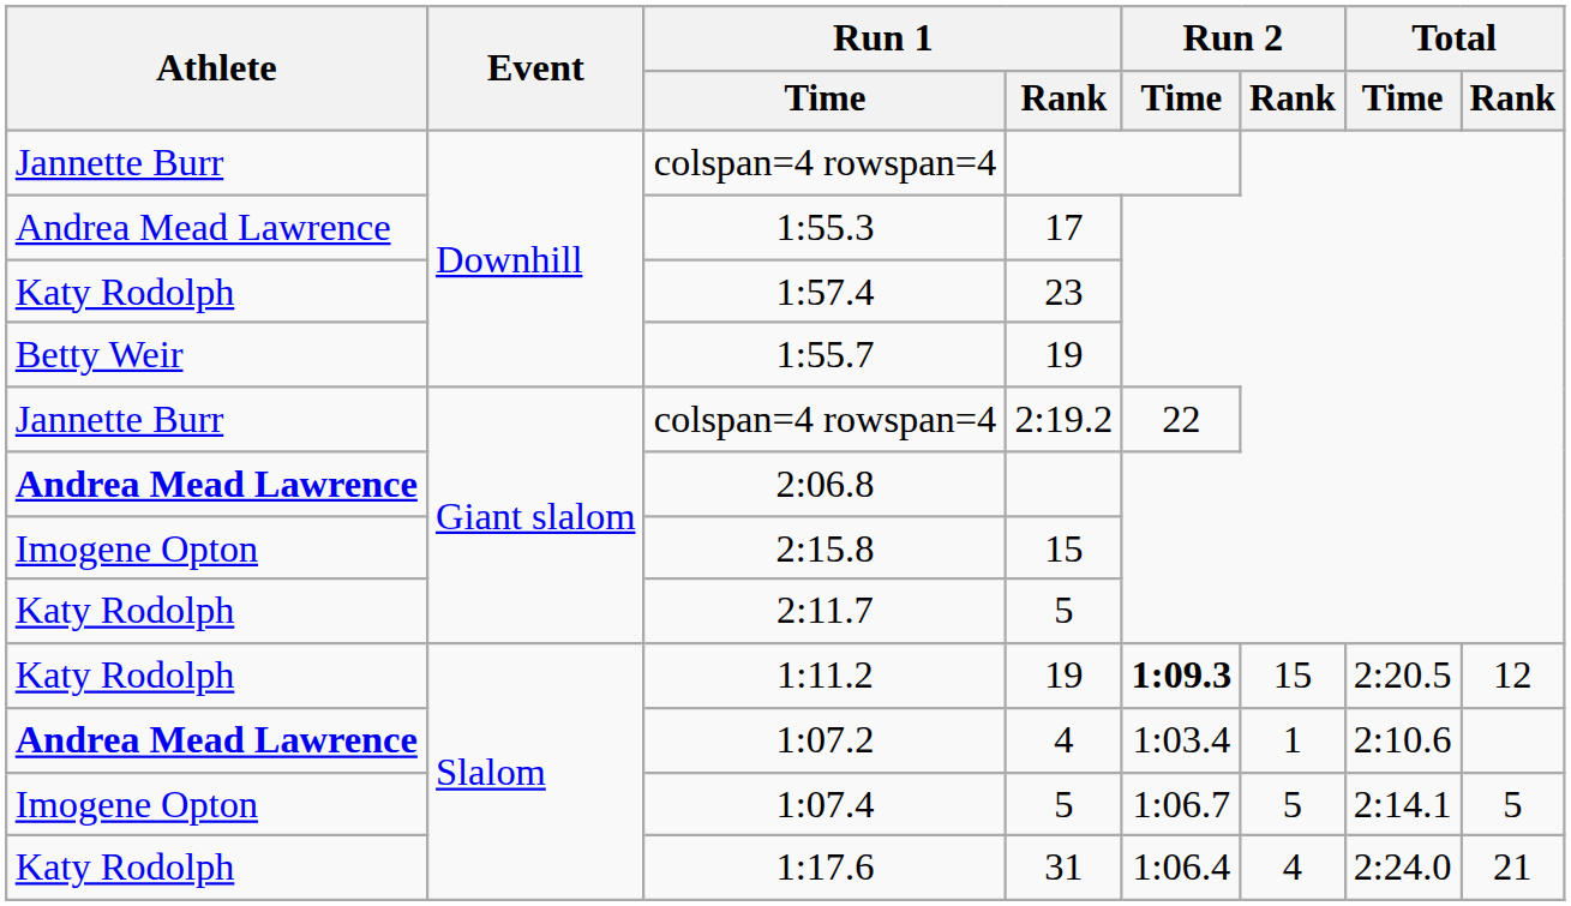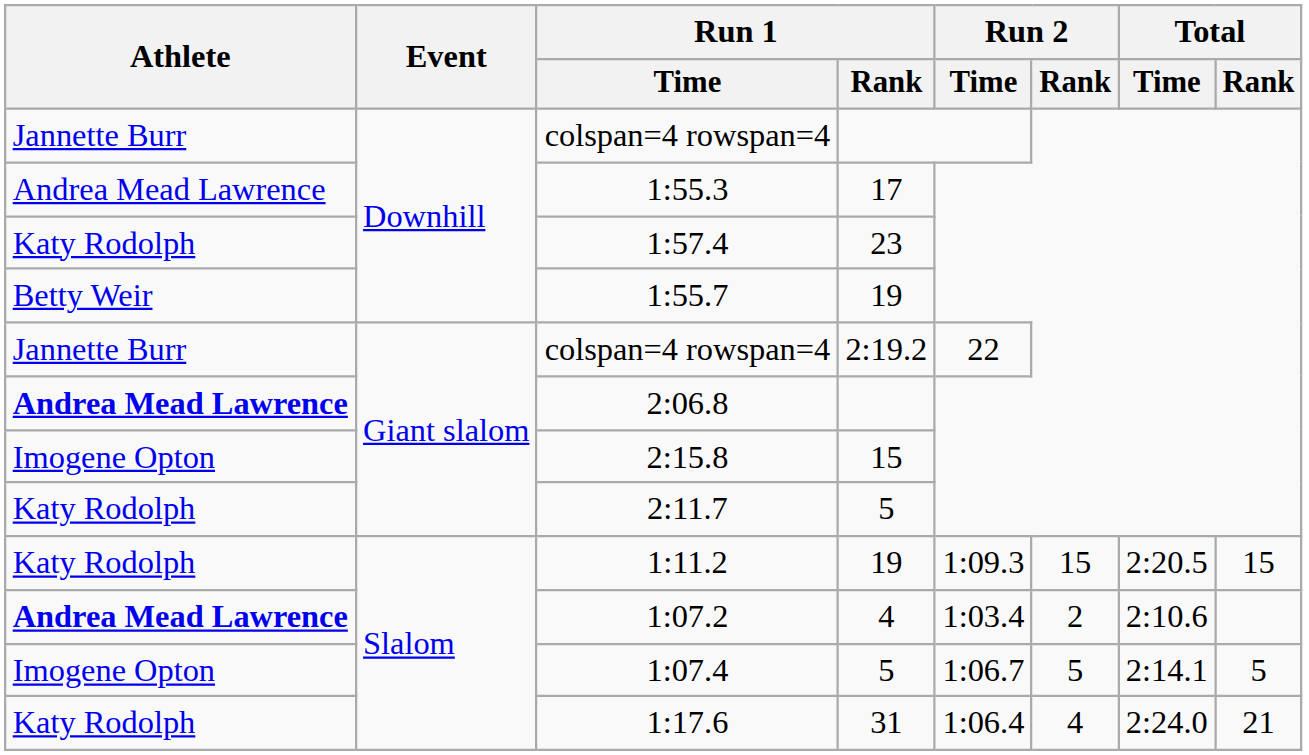 <table class=wikitable style=font-size:90%;text-align:center>
 <tr>
 <th rowspan=2>Athlete</th>
 <th rowspan=2>Event</th>
 <th colspan=2>Run 1</th>
 <th colspan=2>Run 2</th>
 <th colspan=2>Total</th>
 </tr>
 <tr style=font-size:95%>
 <th>Time</th>
 <th>Rank</th>
 <th>Time</th>
 <th>Rank</th>
 <th>Time</th>
 <th>Rank</th>
 </tr>
 <tr>
 <td align=left><a href='#'>Jannette Burr</a></td>
 <td align=left rowspan=4><a href='#'>Downhill</a></td>
 <td>colspan=4 rowspan=4 </td>
 <td colspan=2></td>
 </tr>
 <tr>
 <td align=left><a href='#'>Andrea Mead Lawrence</a></td>
 <td>1:55.3</td>
 <td>17</td>
 </tr>
 <tr>
 <td align=left><a href='#'>Katy Rodolph</a></td>
 <td>1:57.4</td>
 <td>23</td>
 </tr>
 <tr>
 <td align=left><a href='#'>Betty Weir</a></td>
 <td>1:55.7</td>
 <td>19</td>
 </tr>
 <tr>
 <td align=left><a href='#'>Jannette Burr</a></td>
 <td align=left rowspan=4><a href='#'>Giant slalom</a></td>
 <td>colspan=4 rowspan=4 </td>
 <td>2:19.2</td>
 <td>22</td>
 </tr>
 <tr>
 <td align=left><strong><a href='#'>Andrea Mead Lawrence</a></strong></td>
 <td>2:06.8</td>
 <td></td>
 </tr>
 <tr>
 <td align=left><a href='#'>Imogene Opton</a></td>
 <td>2:15.8</td>
 <td>15</td>
 </tr>
 <tr>
 <td align=left><a href='#'>Katy Rodolph</a></td>
 <td>2:11.7</td>
 <td>5</td>
 </tr>
 <tr>
 <td align=left><a href='#'>Katy Rodolph</a></td>
 <td align=left rowspan=4><a href='#'>Slalom</a></td>
 <td>1:11.2</td>
 <td>19</td>
-<td><strong>1:09.3</strong></td>
+<td>1:09.3</td>
 <td>15</td>
 <td>2:20.5</td>
-<td>12</td>
+<td>15</td>
 </tr>
 <tr>
 <td align=left><strong><a href='#'>Andrea Mead Lawrence</a></strong></td>
 <td>1:07.2</td>
 <td>4</td>
 <td>1:03.4</td>
-<td>1</td>
+<td>2</td>
 <td>2:10.6</td>
 <td></td>
 </tr>
 <tr>
 <td align=left><a href='#'>Imogene Opton</a></td>
 <td>1:07.4</td>
 <td>5</td>
 <td>1:06.7</td>
 <td>5</td>
 <td>2:14.1</td>
 <td>5</td>
 </tr>
 <tr>
 <td align=left><a href='#'>Katy Rodolph</a></td>
 <td>1:17.6</td>
 <td>31</td>
 <td>1:06.4</td>
 <td>4</td>
 <td>2:24.0</td>
 <td>21</td>
 </tr>
 </table>
